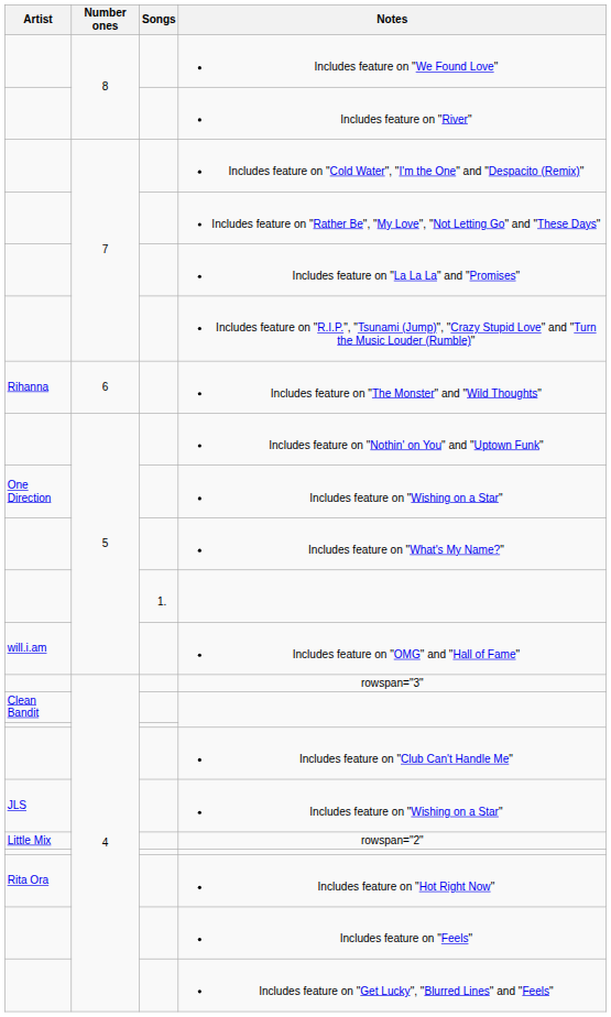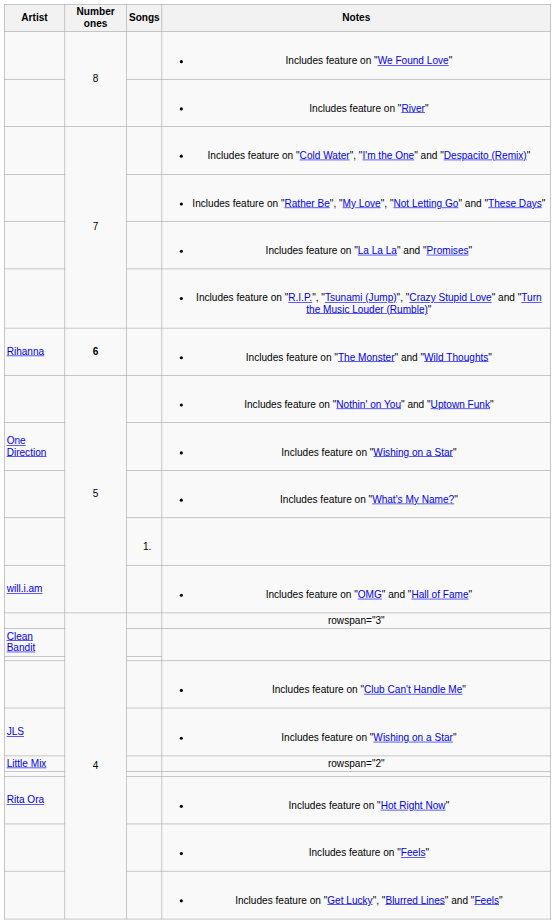 <table class="wikitable sortable" style="text-align:center;">
 <tr>
 <th scope=col>Artist</th>
 <th scope=col>Number ones</th>
 <th scope=col>Songs</th>
 <th scope=col>Notes</th>
 </tr>
 <tr>
 <td align=left></td>
 <td rowspan="2">8</td>
 <td></td>
 <td><br><ul><li>Includes feature on "<a href='#'>We Found Love</a>"</li></ul></td>
 </tr>
 <tr>
 <td align=left></td>
 <td></td>
 <td><br><ul><li>Includes feature on "<a href='#'>River</a>"</li></ul></td>
 </tr>
 <tr>
 <td align=left></td>
 <td rowspan="4">7</td>
 <td></td>
 <td><br><ul><li>Includes feature on "<a href='#'>Cold Water</a>", "<a href='#'>I'm the One</a>" and "<a href='#'>Despacito (Remix)</a>"</li></ul></td>
 </tr>
 <tr>
 <td align=left></td>
 <td></td>
 <td><br><ul><li>Includes feature on "<a href='#'>Rather Be</a>", "<a href='#'>My Love</a>", "<a href='#'>Not Letting Go</a>" and "<a href='#'>These Days</a>"</li></ul></td>
 </tr>
 <tr>
 <td align=left></td>
 <td></td>
 <td><br><ul><li>Includes feature on "<a href='#'>La La La</a>" and "<a href='#'>Promises</a>"</li></ul></td>
 </tr>
 <tr>
 <td align=left></td>
 <td></td>
 <td><br><ul><li>Includes feature on "<a href='#'>R.I.P.</a>", "<a href='#'>Tsunami (Jump)</a>", "<a href='#'>Crazy Stupid Love</a>" and "<a href='#'>Turn the Music Louder (Rumble)</a>"</li></ul></td>
 </tr>
 <tr>
 <td align=left><a href='#'>Rihanna</a></td>
-<td>6</td>
+<td><strong>6</strong></td>
 <td></td>
 <td><br><ul><li>Includes feature on "<a href='#'>The Monster</a>" and "<a href='#'>Wild Thoughts</a>"</li></ul></td>
 </tr>
 <tr>
 <td align=left></td>
 <td rowspan="5">5</td>
 <td></td>
 <td><br><ul><li>Includes feature on "<a href='#'>Nothin' on You</a>" and "<a href='#'>Uptown Funk</a>"</li></ul></td>
 </tr>
 <tr>
 <td align=left><a href='#'>One Direction</a></td>
 <td></td>
 <td><br><ul><li>Includes feature on "<a href='#'>Wishing on a Star</a>"</li></ul></td>
 </tr>
 <tr>
 <td align=left></td>
 <td></td>
 <td><br><ul><li>Includes feature on "<a href='#'>What's My Name?</a>"</li></ul></td>
 </tr>
 <tr>
 <td align=left></td>
 <td><br><ol><li></li></ol></td>
 <td></td>
 </tr>
 <tr>
 <td align=left><a href='#'>will.i.am</a></td>
 <td></td>
 <td><br><ul><li>Includes feature on "<a href='#'>OMG</a>" and "<a href='#'>Hall of Fame</a>"</li></ul></td>
 </tr>
 <tr>
 <td align=left></td>
 <td rowspan="11">4</td>
 <td></td>
 <td>rowspan="3" </td>
 </tr>
 <tr>
 <td align=left><a href='#'>Clean Bandit</a></td>
 <td></td>
 </tr>
 <tr>
 <td align=left></td>
 <td></td>
 </tr>
 <tr>
 <td align=left></td>
 <td></td>
 <td><br><ul><li>Includes feature on "<a href='#'>Club Can't Handle Me</a>"</li></ul></td>
 </tr>
 <tr>
 <td align=left><a href='#'>JLS</a></td>
 <td></td>
 <td><br><ul><li>Includes feature on "<a href='#'>Wishing on a Star</a>"</li></ul></td>
 </tr>
 <tr>
 <td align=left><a href='#'>Little Mix</a></td>
 <td></td>
 <td>rowspan="2" </td>
 </tr>
 <tr>
 <td align=left></td>
 <td></td>
 </tr>
 <tr>
 <td align=left><a href='#'>Rita Ora</a></td>
 <td></td>
 <td><br><ul><li>Includes feature on "<a href='#'>Hot Right Now</a>"</li></ul></td>
 </tr>
 <tr>
 <td align=left></td>
 <td></td>
 <td><br><ul><li>Includes feature on "<a href='#'>Feels</a>"</li></ul></td>
 </tr>
 <tr>
 <td align=left></td>
 <td></td>
 <td><br><ul><li>Includes feature on "<a href='#'>Get Lucky</a>", "<a href='#'>Blurred Lines</a>" and "<a href='#'>Feels</a>"</li></ul></td>
 </tr>
 </table>
